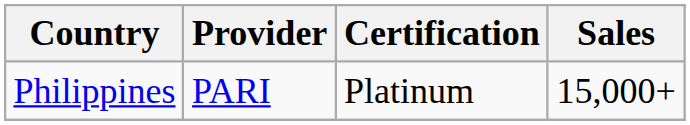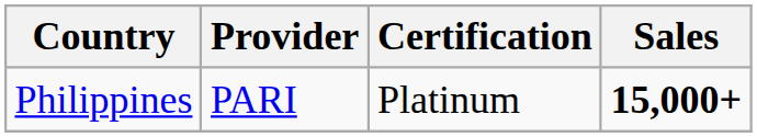 <table class="wikitable sortable">
 <tr>
 <th>Country</th>
 <th>Provider</th>
 <th>Certification</th>
 <th>Sales</th>
 </tr>
 <tr>
 <td><a href='#'>Philippines</a></td>
 <td><a href='#'>PARI</a></td>
 <td>Platinum</td>
-<td>15,000+</td>
+<td><strong>15,000+</strong></td>
 </tr>
 <tr>
 </tr>
 </table>
